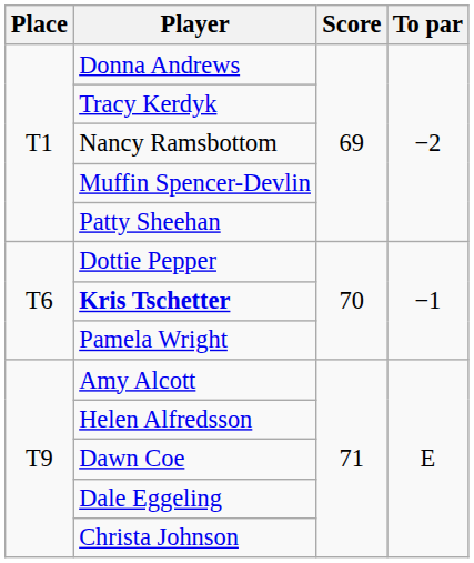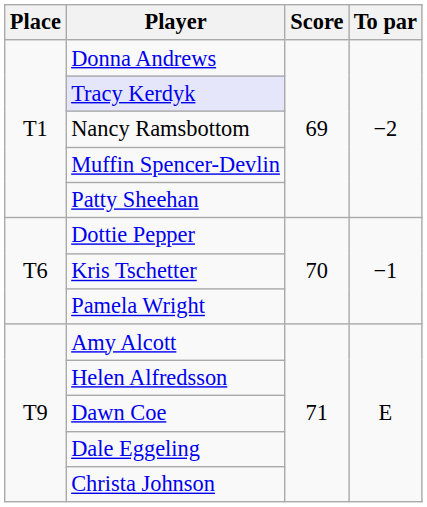 <table class="wikitable">
 <tr>
 <th>Place</th>
 <th>Player</th>
 <th>Score</th>
 <th>To par</th>
 </tr>
 <tr>
 <td align=center rowspan=5>T1</td>
 <td> <a href='#'>Donna Andrews</a></td>
 <td rowspan=5 align=center>69</td>
 <td rowspan=5 align=center>−2</td>
 </tr>
 <tr>
-<td> <a href='#'>Tracy Kerdyk</a></td>
+<td style="background: lavender;"> <a href='#'>Tracy Kerdyk</a></td>
 </tr>
 <tr>
 <td> Nancy Ramsbottom</td>
 </tr>
 <tr>
 <td> <a href='#'>Muffin Spencer-Devlin</a></td>
 </tr>
 <tr>
 <td> <a href='#'>Patty Sheehan</a></td>
 </tr>
 <tr>
 <td rowspan=3 align=center>T6</td>
 <td> <a href='#'>Dottie Pepper</a></td>
 <td rowspan=3 align=center>70</td>
 <td rowspan=3 align=center>−1</td>
 </tr>
 <tr>
-<td><strong> <a href='#'>Kris Tschetter</a></strong></td>
+<td> <a href='#'>Kris Tschetter</a></td>
 </tr>
 <tr>
 <td> <a href='#'>Pamela Wright</a></td>
 </tr>
 <tr>
 <td rowspan=5 align=center>T9</td>
 <td> <a href='#'>Amy Alcott</a></td>
 <td rowspan=5 align=center>71</td>
 <td rowspan=5 align=center>E</td>
 </tr>
 <tr>
 <td> <a href='#'>Helen Alfredsson</a></td>
 </tr>
 <tr>
 <td> <a href='#'>Dawn Coe</a></td>
 </tr>
 <tr>
 <td> <a href='#'>Dale Eggeling</a></td>
 </tr>
 <tr>
 <td> <a href='#'>Christa Johnson</a></td>
 </tr>
 </table>
